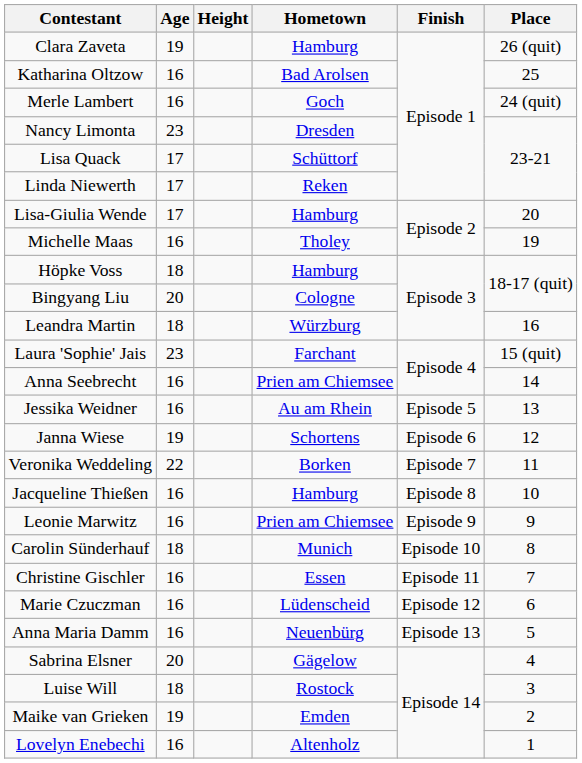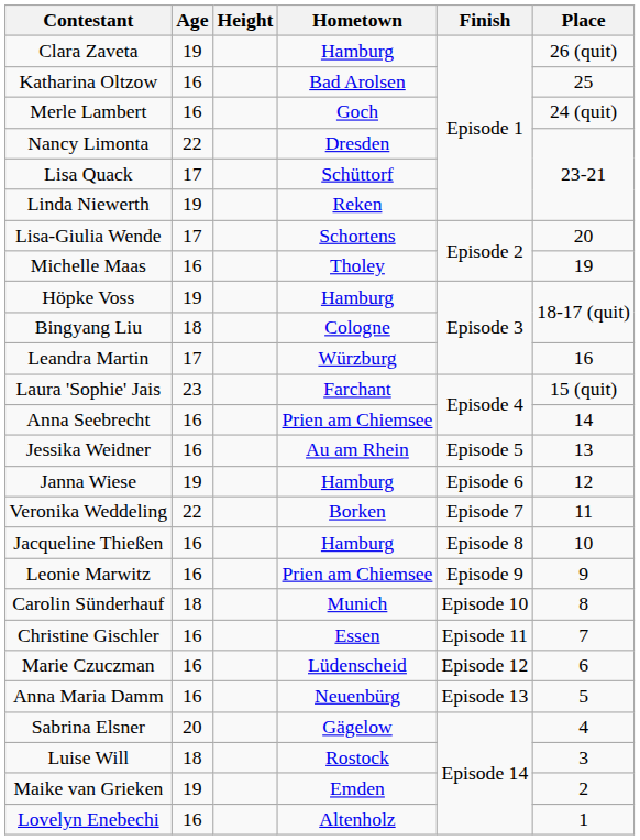 <table class="wikitable sortable" style="text-align:center;">
 <tr>
 <th>Contestant</th>
 <th>Age</th>
 <th>Height</th>
 <th>Hometown</th>
 <th>Finish</th>
 <th>Place</th>
 </tr>
 <tr>
 <td>Clara Zaveta</td>
 <td>19</td>
 <td></td>
 <td><a href='#'>Hamburg</a></td>
 <td rowspan="6">Episode 1</td>
 <td>26 (quit)</td>
 </tr>
 <tr>
 <td>Katharina Oltzow</td>
 <td>16</td>
 <td></td>
 <td><a href='#'>Bad Arolsen</a></td>
 <td>25</td>
 </tr>
 <tr>
 <td>Merle Lambert</td>
 <td>16</td>
 <td></td>
 <td><a href='#'>Goch</a></td>
 <td>24 (quit)</td>
 </tr>
 <tr>
 <td>Nancy Limonta</td>
-<td>23</td>
+<td>22</td>
 <td></td>
 <td><a href='#'>Dresden</a></td>
 <td rowspan="3">23-21</td>
 </tr>
 <tr>
 <td>Lisa Quack</td>
 <td>17</td>
 <td></td>
 <td><a href='#'>Schüttorf</a></td>
 </tr>
 <tr>
 <td>Linda Niewerth</td>
-<td>17</td>
+<td>19</td>
 <td></td>
 <td><a href='#'>Reken</a></td>
 </tr>
 <tr>
 <td>Lisa-Giulia Wende</td>
 <td>17</td>
 <td></td>
-<td><a href='#'>Hamburg</a></td>
+<td><a href='#'>Schortens</a></td>
 <td rowspan="2">Episode 2</td>
 <td>20</td>
 </tr>
 <tr>
 <td>Michelle Maas</td>
 <td>16</td>
 <td></td>
 <td><a href='#'>Tholey</a></td>
 <td>19</td>
 </tr>
 <tr>
 <td>Höpke Voss</td>
-<td>18</td>
+<td>19</td>
 <td></td>
 <td><a href='#'>Hamburg</a></td>
 <td rowspan="3">Episode 3</td>
 <td rowspan="2">18-17 (quit)</td>
 </tr>
 <tr>
 <td>Bingyang Liu</td>
-<td>20</td>
+<td>18</td>
 <td></td>
 <td><a href='#'>Cologne</a></td>
 </tr>
 <tr>
 <td>Leandra Martin</td>
-<td>18</td>
+<td>17</td>
 <td></td>
 <td><a href='#'>Würzburg</a></td>
 <td>16</td>
 </tr>
 <tr>
 <td>Laura 'Sophie' Jais</td>
 <td>23</td>
 <td></td>
 <td><a href='#'>Farchant</a></td>
 <td rowspan="2">Episode 4</td>
 <td>15 (quit)</td>
 </tr>
 <tr>
 <td>Anna Seebrecht</td>
 <td>16</td>
 <td></td>
 <td><a href='#'>Prien am Chiemsee</a></td>
 <td>14</td>
 </tr>
 <tr>
 <td>Jessika Weidner</td>
 <td>16</td>
 <td></td>
 <td><a href='#'>Au am Rhein</a></td>
 <td>Episode 5</td>
 <td>13</td>
 </tr>
 <tr>
 <td>Janna Wiese</td>
 <td>19</td>
 <td></td>
-<td><a href='#'>Schortens</a></td>
+<td><a href='#'>Hamburg</a></td>
 <td>Episode 6</td>
 <td>12</td>
 </tr>
 <tr>
 <td>Veronika Weddeling</td>
 <td>22</td>
 <td></td>
 <td><a href='#'>Borken</a></td>
 <td>Episode 7</td>
 <td>11</td>
 </tr>
 <tr>
 <td>Jacqueline Thießen</td>
 <td>16</td>
 <td></td>
 <td><a href='#'>Hamburg</a></td>
 <td>Episode 8</td>
 <td>10</td>
 </tr>
 <tr>
 <td>Leonie Marwitz</td>
 <td>16</td>
 <td></td>
 <td><a href='#'>Prien am Chiemsee</a></td>
 <td>Episode 9</td>
 <td>9</td>
 </tr>
 <tr>
 <td>Carolin Sünderhauf</td>
 <td>18</td>
 <td></td>
 <td><a href='#'>Munich</a></td>
 <td>Episode 10</td>
 <td>8</td>
 </tr>
 <tr>
 <td>Christine Gischler</td>
 <td>16</td>
 <td></td>
 <td><a href='#'>Essen</a></td>
 <td>Episode 11</td>
 <td>7</td>
 </tr>
 <tr>
 <td>Marie Czuczman</td>
 <td>16</td>
 <td></td>
 <td><a href='#'>Lüdenscheid</a></td>
 <td>Episode 12</td>
 <td>6</td>
 </tr>
 <tr>
 <td>Anna Maria Damm</td>
 <td>16</td>
 <td></td>
 <td><a href='#'>Neuenbürg</a></td>
 <td>Episode 13</td>
 <td>5</td>
 </tr>
 <tr>
 <td>Sabrina Elsner</td>
 <td>20</td>
 <td></td>
 <td><a href='#'>Gägelow</a></td>
 <td rowspan="4">Episode 14</td>
 <td>4</td>
 </tr>
 <tr>
 <td>Luise Will</td>
 <td>18</td>
 <td></td>
 <td><a href='#'>Rostock</a></td>
 <td>3</td>
 </tr>
 <tr>
 <td>Maike van Grieken</td>
 <td>19</td>
 <td></td>
 <td><a href='#'>Emden</a></td>
 <td>2</td>
 </tr>
 <tr>
 <td><a href='#'>Lovelyn Enebechi</a></td>
 <td>16</td>
 <td></td>
 <td><a href='#'>Altenholz</a></td>
 <td>1</td>
 </tr>
 </table>
